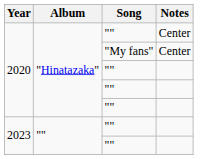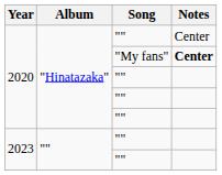 <table class="wikitable">
 <tr>
 <th>Year</th>
 <th>Album</th>
 <th>Song</th>
 <th>Notes</th>
 </tr>
 <tr>
 <td rowspan="5">2020</td>
 <td rowspan="5">"<a href='#'>Hinatazaka</a>"</td>
 <td>""</td>
 <td>Center</td>
 </tr>
 <tr>
 <td>"My fans"</td>
-<td>Center</td>
+<td><strong>Center</strong></td>
 </tr>
 <tr>
 <td>""</td>
 <td></td>
 </tr>
 <tr>
 <td>""</td>
 <td></td>
 </tr>
 <tr>
 <td>""</td>
 <td></td>
 </tr>
 <tr>
 <td rowspan="2">2023</td>
 <td rowspan="2">""</td>
 <td>""</td>
 <td></td>
 </tr>
 <tr>
 <td>""</td>
 <td></td>
 </tr>
 </table>
